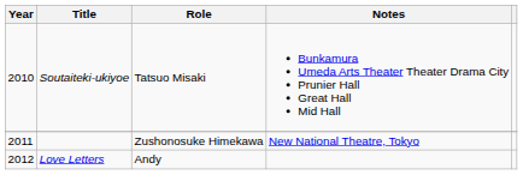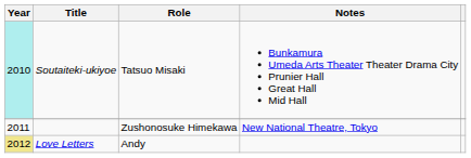 <table class="wikitable">
 <tr>
 <th>Year</th>
 <th>Title</th>
 <th>Role</th>
 <th>Notes</th>
 <th></th>
 </tr>
 <tr>
-<td>2010</td>
+<td style="background: paleturquoise;">2010</td>
 <td><em>Soutaiteki-ukiyoe</em></td>
 <td>Tatsuo Misaki</td>
 <td><br><ul><li><a href='#'>Bunkamura</a> </li><li><a href='#'>Umeda Arts Theater</a> Theater Drama City</li><li> Prunier Hall</li><li> Great Hall</li><li> Mid Hall</li></ul></td>
 <td></td>
 </tr>
 <tr>
 </tr>
 <tr>
 <td>2011</td>
 <td><em></em></td>
 <td>Zushonosuke Himekawa</td>
 <td><a href='#'>New National Theatre, Tokyo</a></td>
 <td></td>
 </tr>
 <tr>
-<td>2012</td>
+<td style="background: khaki;">2012</td>
 <td><em><a href='#'>Love Letters</a></em></td>
 <td>Andy</td>
 <td></td>
 <td></td>
 </tr>
 </table>
